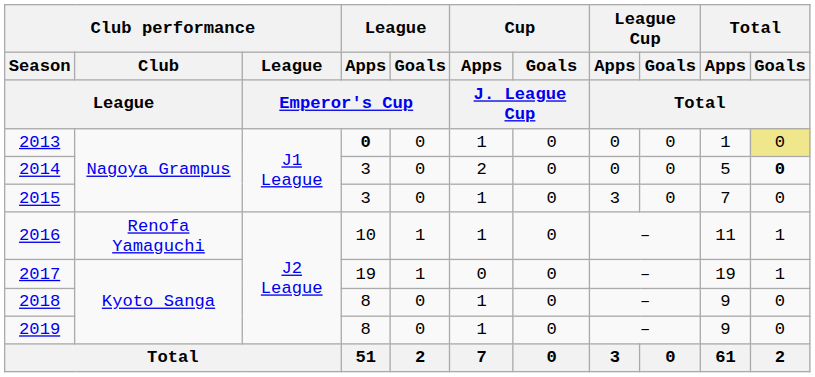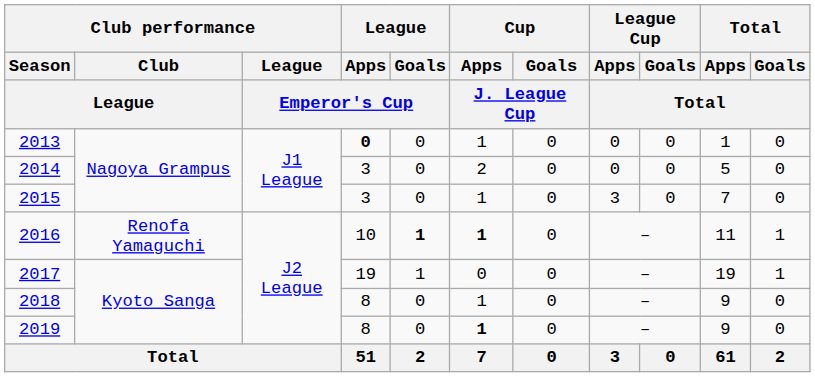 <table class="wikitable" style="text-align:center;">
 <tr>
 <th colspan=3>Club performance</th>
 <th colspan=2>League</th>
 <th colspan=2>Cup</th>
 <th colspan=2>League Cup</th>
 <th colspan=2>Total</th>
 </tr>
 <tr>
 <th>Season</th>
 <th>Club</th>
 <th>League</th>
 <th>Apps</th>
 <th>Goals</th>
 <th>Apps</th>
 <th>Goals</th>
 <th>Apps</th>
 <th>Goals</th>
 <th>Apps</th>
 <th>Goals</th>
 </tr>
 <tr>
 <th colspan=2>League</th>
 <th colspan=3><a href='#'>Emperor's Cup</a></th>
 <th colspan=2><a href='#'>J. League Cup</a></th>
 <th colspan=6>Total</th>
 </tr>
 <tr>
 <td><a href='#'>2013</a></td>
 <td rowspan=3><a href='#'>Nagoya Grampus</a></td>
 <td rowspan=3><a href='#'>J1 League</a></td>
 <td><strong>0</strong></td>
 <td>0</td>
 <td>1</td>
 <td>0</td>
 <td>0</td>
 <td>0</td>
 <td>1</td>
-<td style="background: khaki;">0</td>
+<td>0</td>
 </tr>
 <tr>
 <td><a href='#'>2014</a></td>
 <td>3</td>
 <td>0</td>
 <td>2</td>
 <td>0</td>
 <td>0</td>
 <td>0</td>
 <td>5</td>
-<td><strong>0</strong></td>
+<td>0</td>
 </tr>
 <tr>
 <td><a href='#'>2015</a></td>
 <td>3</td>
 <td>0</td>
 <td>1</td>
 <td>0</td>
 <td>3</td>
 <td>0</td>
 <td>7</td>
 <td>0</td>
 </tr>
 <tr>
 <td><a href='#'>2016</a></td>
 <td><a href='#'>Renofa Yamaguchi</a></td>
 <td rowspan="4"><a href='#'>J2 League</a></td>
 <td>10</td>
-<td>1</td>
-<td>1</td>
+<td><strong>1</strong></td>
+<td><strong>1</strong></td>
 <td>0</td>
 <td colspan="2">–</td>
 <td>11</td>
 <td>1</td>
 </tr>
 <tr>
 <td><a href='#'>2017</a></td>
 <td rowspan="3"><a href='#'>Kyoto Sanga</a></td>
 <td>19</td>
 <td>1</td>
 <td>0</td>
 <td>0</td>
 <td colspan="2">–</td>
 <td>19</td>
 <td>1</td>
 </tr>
 <tr>
 <td><a href='#'>2018</a></td>
 <td>8</td>
 <td>0</td>
 <td>1</td>
 <td>0</td>
 <td colspan="2">–</td>
 <td>9</td>
 <td>0</td>
 </tr>
 <tr>
 <td><a href='#'>2019</a></td>
 <td>8</td>
 <td>0</td>
-<td>1</td>
+<td><strong>1</strong></td>
 <td>0</td>
 <td colspan="2">–</td>
 <td>9</td>
 <td>0</td>
 </tr>
 <tr>
 <th colspan=3>Total</th>
 <th>51</th>
 <th>2</th>
 <th>7</th>
 <th>0</th>
 <th>3</th>
 <th>0</th>
 <th>61</th>
 <th>2</th>
 </tr>
 </table>
